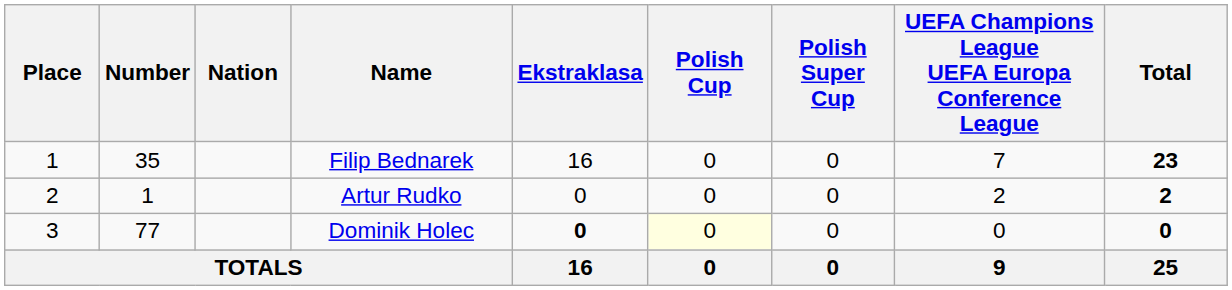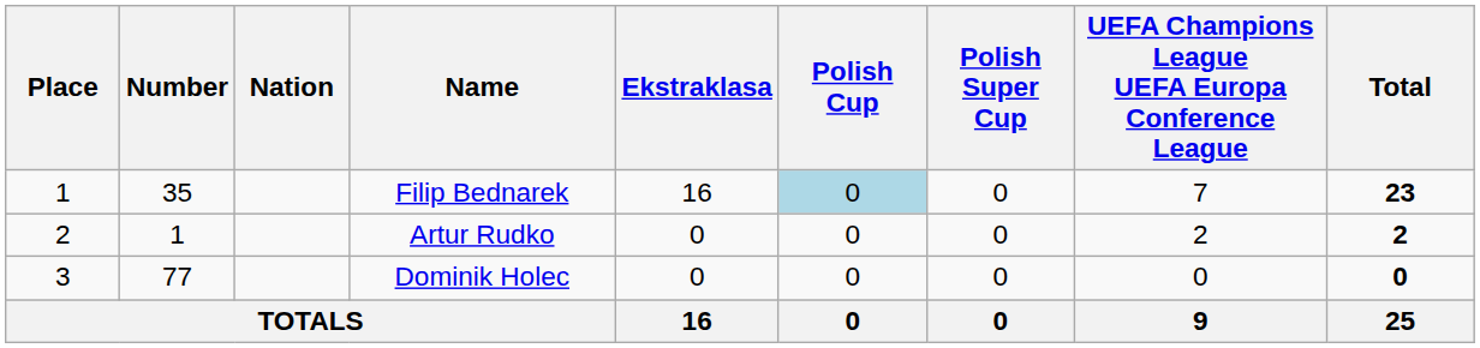 <table class="wikitable" style="font-size: 100%; text-align: center;">
 <tr>
 <th width=60>Place</th>
 <th width=60>Number</th>
 <th width=60>Nation</th>
 <th width=150>Name</th>
 <th width=80><a href='#'>Ekstraklasa</a></th>
 <th width=80><a href='#'>Polish Cup</a></th>
 <th width=80><a href='#'>Polish Super Cup</a></th>
 <th><a href='#'>UEFA Champions League</a><br><a href='#'>UEFA Europa Conference League</a></th>
 <th width=80>Total</th>
 </tr>
 <tr>
 <td rowspan="1">1</td>
 <td>35</td>
 <td></td>
 <td><a href='#'>Filip Bednarek</a></td>
 <td>16</td>
-<td>0</td>
+<td style="background: lightblue;">0</td>
 <td>0</td>
 <td>7</td>
 <td rowspan="1"><strong>23</strong></td>
 </tr>
 <tr>
 <td rowspan="1">2</td>
 <td>1</td>
 <td></td>
 <td><a href='#'>Artur Rudko</a></td>
 <td>0</td>
 <td>0</td>
 <td>0</td>
 <td>2</td>
 <td rowspan="1"><strong>2</strong></td>
 </tr>
 <tr>
 <td rowspan="1">3</td>
 <td>77</td>
 <td></td>
 <td><a href='#'>Dominik Holec</a></td>
-<td><strong>0</strong></td>
-<td style="background: lightyellow;">0</td>
+<td>0</td>
+<td>0</td>
 <td>0</td>
 <td>0</td>
 <td rowspan="1"><strong>0</strong></td>
 </tr>
 <tr>
 <th colspan="4">TOTALS</th>
 <th>16</th>
 <th>0</th>
 <th>0</th>
 <th>9</th>
 <th>25</th>
 </tr>
 </table>
